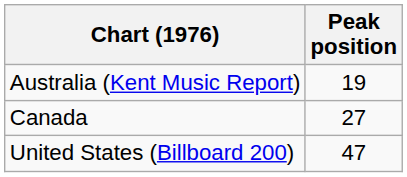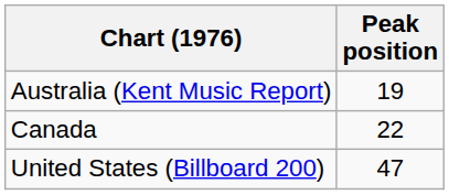 <table class="wikitable">
 <tr>
 <th scope="col">Chart (1976)</th>
 <th>Peak<br>position</th>
 </tr>
 <tr>
 <td>Australia (<a href='#'>Kent Music Report</a>)</td>
 <td style="text-align:center;">19</td>
 </tr>
 <tr>
 <td>Canada</td>
-<td style="text-align:center;">27</td>
+<td style="text-align:center;">22</td>
 </tr>
 <tr>
 <td>United States (<a href='#'>Billboard 200</a>)</td>
 <td style="text-align:center;">47</td>
 </tr>
 </table>
